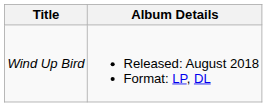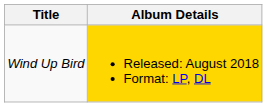 <table class="wikitable">
 <tr>
 <th>Title</th>
 <th>Album Details</th>
 </tr>
 <tr>
 <td><em>Wind Up Bird</em></td>
-<td><br><ul><li>Released: August 2018</li><li>Format: <a href='#'>LP</a>, <a href='#'>DL</a></li></ul></td>
+<td style="background: gold;"><br><ul><li>Released: August 2018</li><li>Format: <a href='#'>LP</a>, <a href='#'>DL</a></li></ul></td>
 </tr>
 </table>
